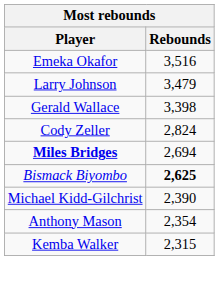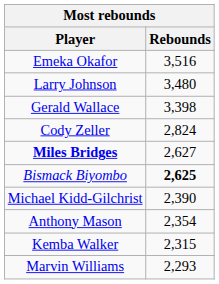 <table class="wikitable sortable" style="text-align:center">
 <tr>
 <th colspan="2" style="text-align:center; ">Most rebounds</th>
 </tr>
 <tr>
 <th style="text-align:center; ">Player</th>
 <th style="text-align:center; ">Rebounds</th>
 </tr>
 <tr>
 <td><a href='#'>Emeka Okafor</a></td>
 <td>3,516</td>
 </tr>
 <tr>
 <td><a href='#'>Larry Johnson</a></td>
-<td>3,479</td>
+<td>3,480</td>
 </tr>
 <tr>
 <td><a href='#'>Gerald Wallace</a></td>
 <td>3,398</td>
 </tr>
 <tr>
 <td><a href='#'>Cody Zeller</a></td>
 <td>2,824</td>
 </tr>
 <tr>
 <td><strong><a href='#'>Miles Bridges</a></strong></td>
-<td>2,694</td>
+<td>2,627</td>
 </tr>
 <tr>
 <td><em><a href='#'>Bismack Biyombo</a></em></td>
 <td><strong>2,625</strong></td>
 </tr>
 <tr>
 <td><a href='#'>Michael Kidd-Gilchrist</a></td>
 <td>2,390</td>
 </tr>
 <tr>
 <td><a href='#'>Anthony Mason</a></td>
 <td>2,354</td>
 </tr>
 <tr>
 <td><a href='#'>Kemba Walker</a></td>
 <td>2,315</td>
 </tr>
+<tr>
+<td><a href='#'>Marvin Williams</a></td>
+<td>2,293</td>
+</tr>
 </table>
